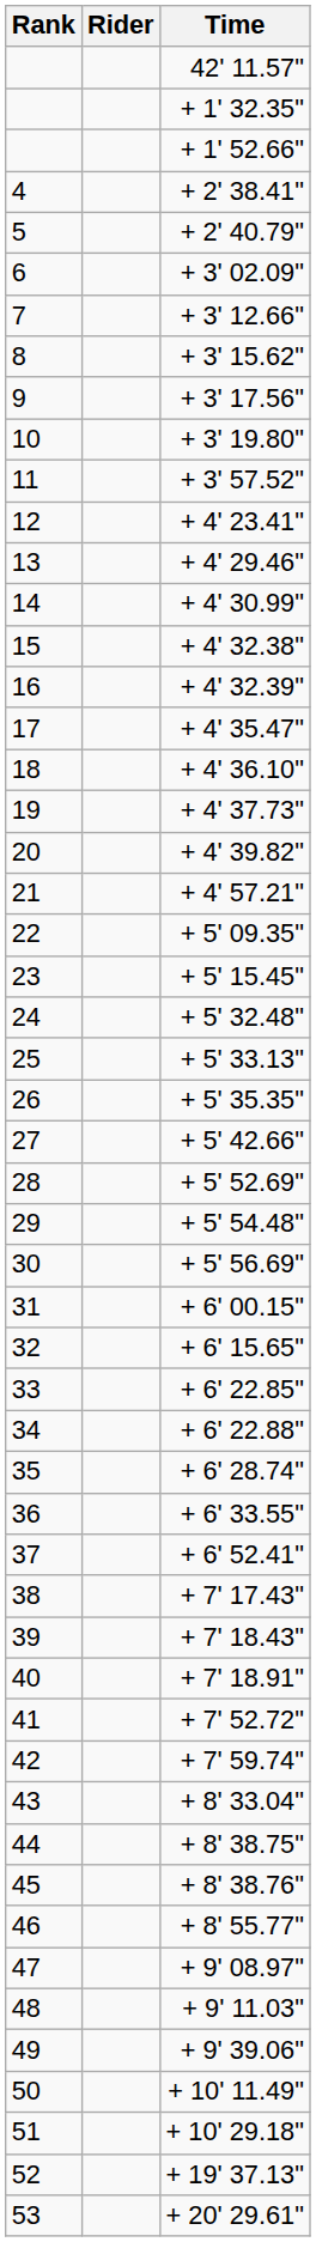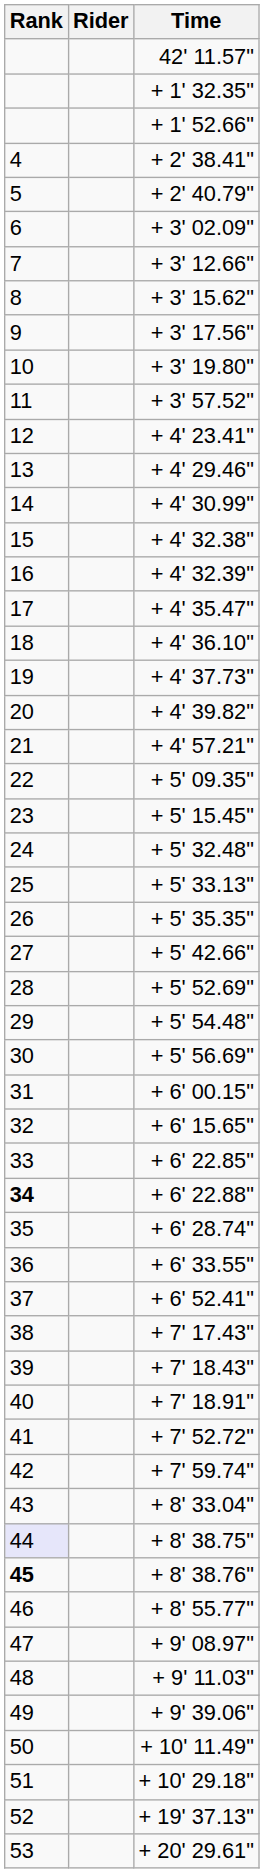 <table class="wikitable sortable">
 <tr>
 <th>Rank</th>
 <th>Rider</th>
 <th>Time</th>
 </tr>
 <tr>
 <td></td>
 <td></td>
 <td align=right>42' 11.57"</td>
 </tr>
 <tr>
 <td></td>
 <td></td>
 <td align=right>+ 1' 32.35"</td>
 </tr>
 <tr>
 <td></td>
 <td></td>
 <td align=right>+ 1' 52.66"</td>
 </tr>
 <tr>
 <td>4</td>
 <td></td>
 <td align=right>+ 2' 38.41"</td>
 </tr>
 <tr>
 <td>5</td>
 <td></td>
 <td align=right>+ 2' 40.79"</td>
 </tr>
 <tr>
 <td>6</td>
 <td></td>
 <td align=right>+ 3' 02.09"</td>
 </tr>
 <tr>
 <td>7</td>
 <td></td>
 <td align=right>+ 3' 12.66"</td>
 </tr>
 <tr>
 <td>8</td>
 <td></td>
 <td align=right>+ 3' 15.62"</td>
 </tr>
 <tr>
 <td>9</td>
 <td></td>
 <td align=right>+ 3' 17.56"</td>
 </tr>
 <tr>
 <td>10</td>
 <td></td>
 <td align=right>+ 3' 19.80"</td>
 </tr>
 <tr>
 <td>11</td>
 <td></td>
 <td align=right>+ 3' 57.52"</td>
 </tr>
 <tr>
 <td>12</td>
 <td></td>
 <td align=right>+ 4' 23.41"</td>
 </tr>
 <tr>
 <td>13</td>
 <td></td>
 <td align=right>+ 4' 29.46"</td>
 </tr>
 <tr>
 <td>14</td>
 <td></td>
 <td align=right>+ 4' 30.99"</td>
 </tr>
 <tr>
 <td>15</td>
 <td></td>
 <td align=right>+ 4' 32.38"</td>
 </tr>
 <tr>
 <td>16</td>
 <td></td>
 <td align=right>+ 4' 32.39"</td>
 </tr>
 <tr>
 <td>17</td>
 <td></td>
 <td align=right>+ 4' 35.47"</td>
 </tr>
 <tr>
 <td>18</td>
 <td></td>
 <td align=right>+ 4' 36.10"</td>
 </tr>
 <tr>
 <td>19</td>
 <td></td>
 <td align=right>+ 4' 37.73"</td>
 </tr>
 <tr>
 <td>20</td>
 <td></td>
 <td align=right>+ 4' 39.82"</td>
 </tr>
 <tr>
 <td>21</td>
 <td></td>
 <td align=right>+ 4' 57.21"</td>
 </tr>
 <tr>
 <td>22</td>
 <td></td>
 <td align=right>+ 5' 09.35"</td>
 </tr>
 <tr>
 <td>23</td>
 <td></td>
 <td align=right>+ 5' 15.45"</td>
 </tr>
 <tr>
 <td>24</td>
 <td></td>
 <td align=right>+ 5' 32.48"</td>
 </tr>
 <tr>
 <td>25</td>
 <td></td>
 <td align=right>+ 5' 33.13"</td>
 </tr>
 <tr>
 <td>26</td>
 <td></td>
 <td align=right>+ 5' 35.35"</td>
 </tr>
 <tr>
 <td>27</td>
 <td></td>
 <td align=right>+ 5' 42.66"</td>
 </tr>
 <tr>
 <td>28</td>
 <td></td>
 <td align=right>+ 5' 52.69"</td>
 </tr>
 <tr>
 <td>29</td>
 <td></td>
 <td align=right>+ 5' 54.48"</td>
 </tr>
 <tr>
 <td>30</td>
 <td></td>
 <td align=right>+ 5' 56.69"</td>
 </tr>
 <tr>
 <td>31</td>
 <td></td>
 <td align=right>+ 6' 00.15"</td>
 </tr>
 <tr>
 <td>32</td>
 <td></td>
 <td align=right>+ 6' 15.65"</td>
 </tr>
 <tr>
 <td>33</td>
 <td></td>
 <td align=right>+ 6' 22.85"</td>
 </tr>
 <tr>
-<td>34</td>
+<td><strong>34</strong></td>
 <td></td>
 <td align=right>+ 6' 22.88"</td>
 </tr>
 <tr>
 <td>35</td>
 <td></td>
 <td align=right>+ 6' 28.74"</td>
 </tr>
 <tr>
 <td>36</td>
 <td></td>
 <td align=right>+ 6' 33.55"</td>
 </tr>
 <tr>
 <td>37</td>
 <td></td>
 <td align=right>+ 6' 52.41"</td>
 </tr>
 <tr>
 <td>38</td>
 <td></td>
 <td align=right>+ 7' 17.43"</td>
 </tr>
 <tr>
 <td>39</td>
 <td></td>
 <td align=right>+ 7' 18.43"</td>
 </tr>
 <tr>
 <td>40</td>
 <td></td>
 <td align=right>+ 7' 18.91"</td>
 </tr>
 <tr>
 <td>41</td>
 <td></td>
 <td align=right>+ 7' 52.72"</td>
 </tr>
 <tr>
 <td>42</td>
 <td></td>
 <td align=right>+ 7' 59.74"</td>
 </tr>
 <tr>
 <td>43</td>
 <td></td>
 <td align=right>+ 8' 33.04"</td>
 </tr>
 <tr>
-<td>44</td>
+<td style="background: lavender;">44</td>
 <td></td>
 <td align=right>+ 8' 38.75"</td>
 </tr>
 <tr>
-<td>45</td>
+<td><strong>45</strong></td>
 <td></td>
 <td align=right>+ 8' 38.76"</td>
 </tr>
 <tr>
 <td>46</td>
 <td></td>
 <td align=right>+ 8' 55.77"</td>
 </tr>
 <tr>
 <td>47</td>
 <td></td>
 <td align=right>+ 9' 08.97"</td>
 </tr>
 <tr>
 <td>48</td>
 <td></td>
 <td align=right>+ 9' 11.03"</td>
 </tr>
 <tr>
 <td>49</td>
 <td></td>
 <td align=right>+ 9' 39.06"</td>
 </tr>
 <tr>
 <td>50</td>
 <td></td>
 <td align=right>+ 10' 11.49"</td>
 </tr>
 <tr>
 <td>51</td>
 <td></td>
 <td align=right>+ 10' 29.18"</td>
 </tr>
 <tr>
 <td>52</td>
 <td></td>
 <td align=right>+ 19' 37.13"</td>
 </tr>
 <tr>
 <td>53</td>
 <td></td>
 <td align=right>+ 20' 29.61"</td>
 </tr>
 </table>
